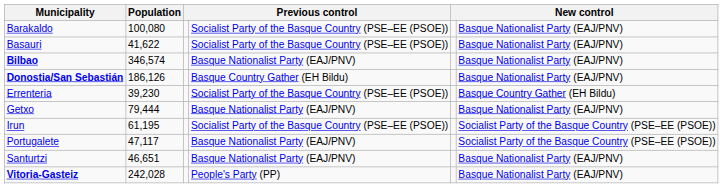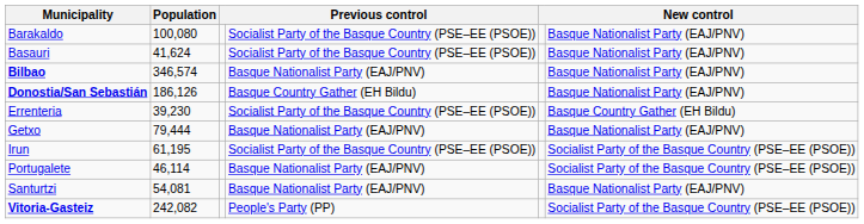 <table class="wikitable sortable">
 <tr>
 <th>Municipality</th>
 <th>Population</th>
 <th colspan="2" style="width:375px;">Previous control</th>
 <th colspan="2" style="width:375px;">New control</th>
 </tr>
 <tr>
 <td><a href='#'>Barakaldo</a></td>
 <td>100,080</td>
 <td width="1" style="color:inherit;background:"></td>
 <td><a href='#'>Socialist Party of the Basque Country</a> (PSE–EE (PSOE))</td>
 <td width="1" style="color:inherit;background:"></td>
 <td><a href='#'>Basque Nationalist Party</a> (EAJ/PNV)</td>
 </tr>
 <tr>
 <td><a href='#'>Basauri</a></td>
-<td>41,622</td>
+<td>41,624</td>
 <td style="color:inherit;background:"></td>
 <td><a href='#'>Socialist Party of the Basque Country</a> (PSE–EE (PSOE))</td>
 <td style="color:inherit;background:"></td>
 <td><a href='#'>Basque Nationalist Party</a> (EAJ/PNV)</td>
 </tr>
 <tr>
 <td><strong><a href='#'>Bilbao</a></strong></td>
 <td>346,574</td>
 <td style="color:inherit;background:"></td>
 <td><a href='#'>Basque Nationalist Party</a> (EAJ/PNV)</td>
 <td style="color:inherit;background:"></td>
 <td><a href='#'>Basque Nationalist Party</a> (EAJ/PNV)</td>
 </tr>
 <tr>
 <td><strong><a href='#'>Donostia/San Sebastián</a></strong></td>
 <td>186,126</td>
 <td style="color:inherit;background:"></td>
 <td><a href='#'>Basque Country Gather</a> (EH Bildu)</td>
 <td style="color:inherit;background:"></td>
 <td><a href='#'>Basque Nationalist Party</a> (EAJ/PNV)</td>
 </tr>
 <tr>
 <td><a href='#'>Errenteria</a></td>
 <td>39,230</td>
 <td style="color:inherit;background:"></td>
 <td><a href='#'>Socialist Party of the Basque Country</a> (PSE–EE (PSOE))</td>
 <td style="color:inherit;background:"></td>
 <td><a href='#'>Basque Country Gather</a> (EH Bildu)</td>
 </tr>
 <tr>
 <td><a href='#'>Getxo</a></td>
 <td>79,444</td>
 <td style="color:inherit;background:"></td>
 <td><a href='#'>Basque Nationalist Party</a> (EAJ/PNV)</td>
 <td style="color:inherit;background:"></td>
 <td><a href='#'>Basque Nationalist Party</a> (EAJ/PNV)</td>
 </tr>
 <tr>
 <td><a href='#'>Irun</a></td>
 <td>61,195</td>
 <td style="color:inherit;background:"></td>
 <td><a href='#'>Socialist Party of the Basque Country</a> (PSE–EE (PSOE))</td>
 <td style="color:inherit;background:"></td>
 <td><a href='#'>Socialist Party of the Basque Country</a> (PSE–EE (PSOE))</td>
 </tr>
 <tr>
 <td><a href='#'>Portugalete</a></td>
-<td>47,117</td>
+<td>46,114</td>
 <td style="color:inherit;background:"></td>
 <td><a href='#'>Basque Nationalist Party</a> (EAJ/PNV)</td>
 <td style="color:inherit;background:"></td>
 <td><a href='#'>Socialist Party of the Basque Country</a> (PSE–EE (PSOE))</td>
 </tr>
 <tr>
 <td><a href='#'>Santurtzi</a></td>
-<td>46,651</td>
+<td>54,081</td>
 <td style="color:inherit;background:"></td>
 <td><a href='#'>Basque Nationalist Party</a> (EAJ/PNV)</td>
 <td style="color:inherit;background:"></td>
 <td><a href='#'>Basque Nationalist Party</a> (EAJ/PNV)</td>
 </tr>
 <tr>
 <td><strong><a href='#'>Vitoria-Gasteiz</a></strong></td>
-<td>242,028</td>
+<td>242,082</td>
 <td style="color:inherit;background:"></td>
 <td><a href='#'>People's Party</a> (PP)</td>
 <td style="color:inherit;background:"></td>
-<td><a href='#'>Basque Nationalist Party</a> (EAJ/PNV)</td>
+<td><a href='#'>Socialist Party of the Basque Country</a> (PSE–EE (PSOE))</td>
 </tr>
 </table>
